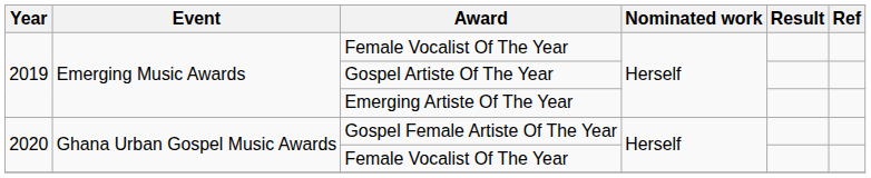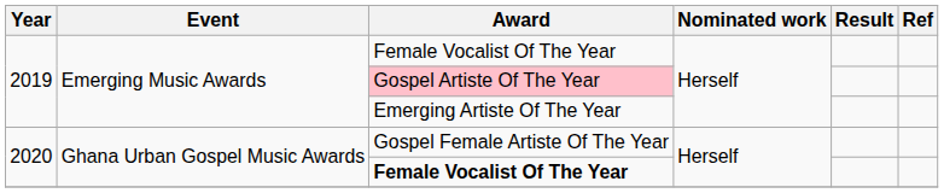 <table class="wikitable">
 <tr>
 <th>Year</th>
 <th>Event</th>
 <th>Award</th>
 <th>Nominated work</th>
 <th>Result</th>
 <th>Ref</th>
 </tr>
 <tr>
 <td rowspan="3">2019</td>
 <td rowspan="3">Emerging Music Awards</td>
 <td>Female Vocalist Of The Year</td>
 <td rowspan="3">Herself</td>
 <td></td>
 <td></td>
 </tr>
 <tr>
-<td>Gospel Artiste Of The Year</td>
+<td style="background: pink;">Gospel Artiste Of The Year</td>
 <td></td>
 <td></td>
 </tr>
 <tr>
 <td>Emerging Artiste  Of The Year</td>
 <td></td>
 <td></td>
 </tr>
 <tr>
 <td rowspan="2">2020</td>
 <td rowspan="2">Ghana Urban Gospel Music Awards</td>
 <td>Gospel Female Artiste Of The Year</td>
 <td rowspan="2">Herself</td>
 <td></td>
 <td></td>
 </tr>
 <tr>
-<td>Female Vocalist Of The Year</td>
+<td><strong>Female Vocalist Of The Year</strong></td>
 <td></td>
 <td></td>
 </tr>
 <tr>
 </tr>
 </table>
